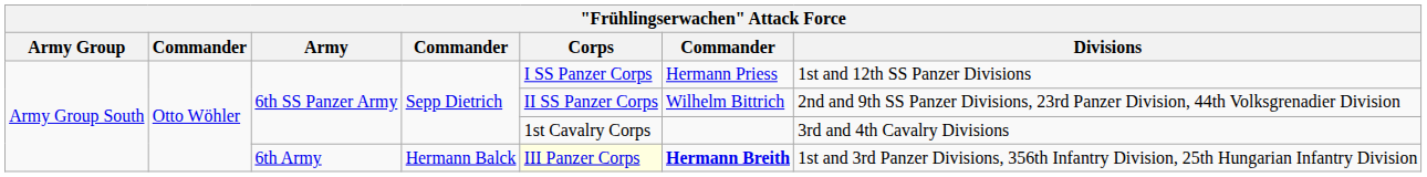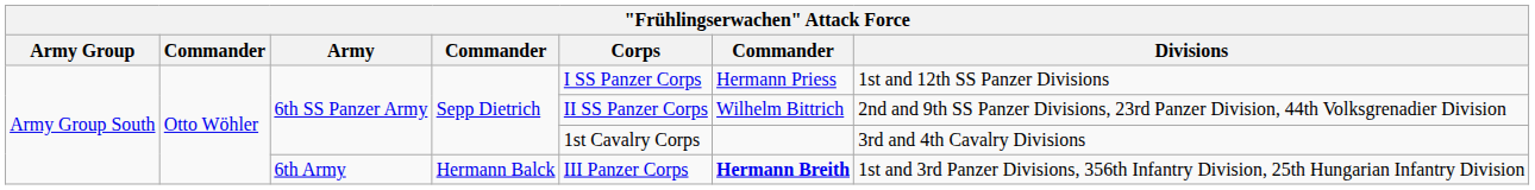 <table class="wikitable mw-collapsible mw-collapsed">
 <tr>
 <th colspan="7">"Frühlingserwachen" Attack Force</th>
 </tr>
 <tr>
 <th>Army Group</th>
 <th>Commander</th>
 <th>Army</th>
 <th>Commander</th>
 <th>Corps</th>
 <th>Commander</th>
 <th>Divisions</th>
 </tr>
 <tr>
 <td rowspan="4"><a href='#'>Army Group South</a></td>
 <td rowspan="4"><a href='#'>Otto Wöhler</a></td>
 <td rowspan="3"><a href='#'>6th SS Panzer Army</a></td>
 <td rowspan="3"><a href='#'>Sepp Dietrich</a></td>
 <td><a href='#'>I SS Panzer Corps</a></td>
 <td><a href='#'>Hermann Priess</a></td>
 <td>1st and 12th SS Panzer Divisions</td>
 </tr>
 <tr>
 <td><a href='#'>II SS Panzer Corps</a></td>
 <td><a href='#'>Wilhelm Bittrich</a></td>
 <td>2nd and 9th SS Panzer Divisions, 23rd Panzer Division, 44th Volksgrenadier Division</td>
 </tr>
 <tr>
 <td>1st Cavalry Corps</td>
 <td></td>
 <td>3rd and 4th Cavalry Divisions</td>
 </tr>
 <tr>
 <td><a href='#'>6th Army</a></td>
 <td><a href='#'>Hermann Balck</a></td>
-<td style="background: lightyellow;"><a href='#'>III Panzer Corps</a></td>
+<td><a href='#'>III Panzer Corps</a></td>
 <td><strong><a href='#'>Hermann Breith</a></strong></td>
 <td>1st and 3rd Panzer Divisions, 356th Infantry Division, 25th Hungarian Infantry Division</td>
 </tr>
 </table>
